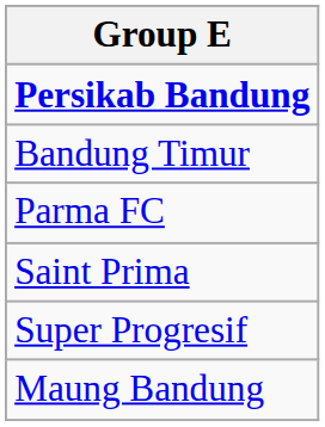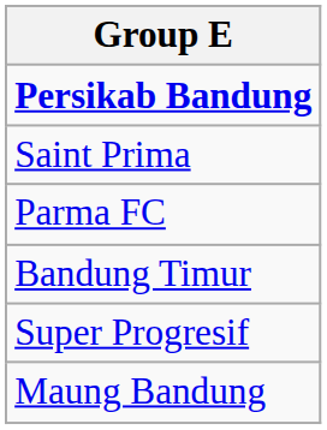 <table class="wikitable">
 <tr>
 <th><strong>Group E</strong></th>
 </tr>
 <tr>
 <td><strong><a href='#'>Persikab Bandung</a></strong></td>
 </tr>
 <tr>
-<td><a href='#'>Bandung Timur</a></td>
+<td><a href='#'>Saint Prima</a></td>
 </tr>
 <tr>
 <td><a href='#'>Parma FC</a></td>
 </tr>
 <tr>
-<td><a href='#'>Saint Prima</a></td>
+<td><a href='#'>Bandung Timur</a></td>
 </tr>
 <tr>
 <td><a href='#'>Super Progresif</a></td>
 </tr>
 <tr>
 <td><a href='#'>Maung Bandung</a></td>
 </tr>
 </table>
